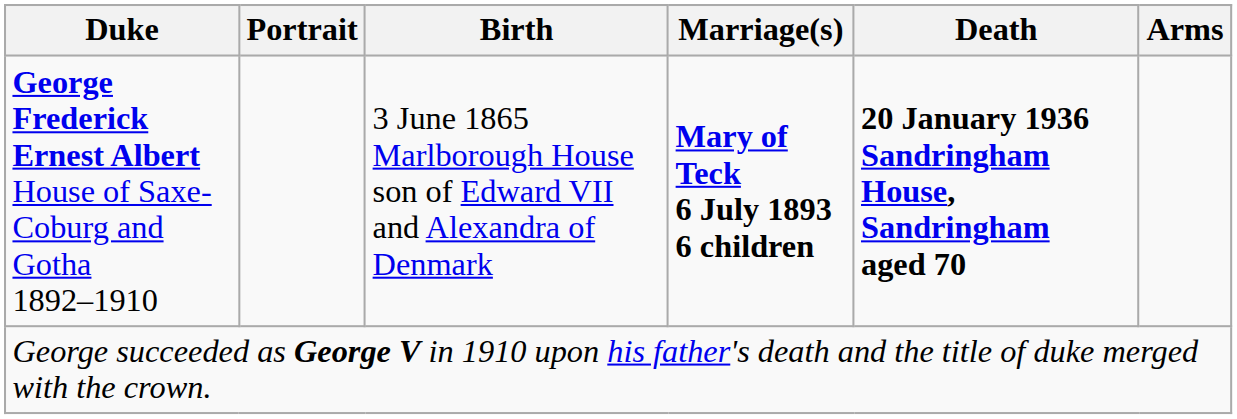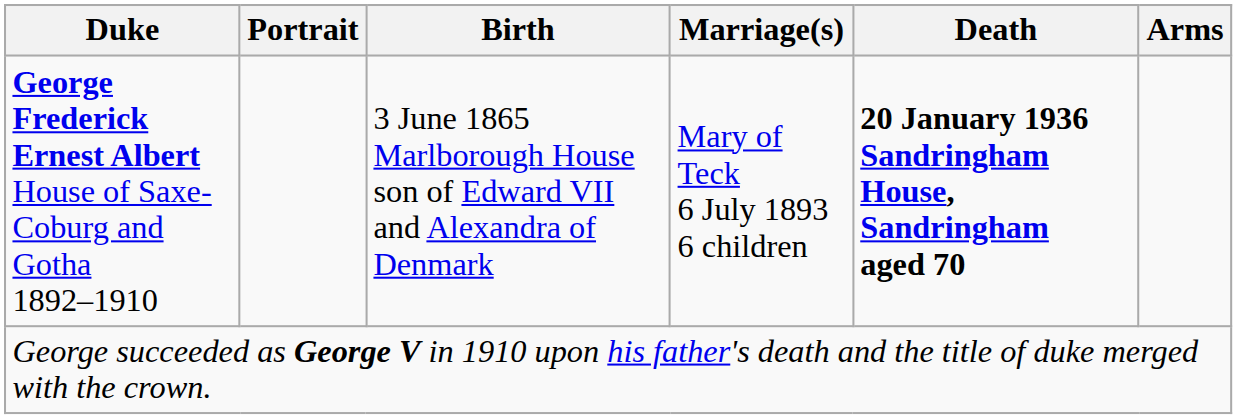 <table class="wikitable">
 <tr>
 <th>Duke</th>
 <th>Portrait</th>
 <th>Birth</th>
 <th>Marriage(s)</th>
 <th>Death</th>
 <th>Arms</th>
 </tr>
 <tr>
 <td><strong><a href='#'>George Frederick Ernest Albert</a></strong><br><a href='#'>House of Saxe-Coburg and Gotha</a><br>1892–1910<br><em></em></td>
 <td></td>
 <td>3 June 1865<br><a href='#'>Marlborough House</a><br>son of <a href='#'>Edward VII</a> and <a href='#'>Alexandra of Denmark</a></td>
-<td><strong><a href='#'>Mary of Teck</a><br>6 July 1893<br>6 children</strong></td>
+<td><a href='#'>Mary of Teck</a><br>6 July 1893<br>6 children</td>
 <td><strong>20 January 1936<br><a href='#'>Sandringham House</a>, <a href='#'>Sandringham</a><br>aged 70</strong></td>
 <td></td>
 </tr>
 <tr>
 <td colspan="6"><em>George succeeded as <strong>George V</strong> in 1910 upon <a href='#'>his father</a>'s death and the title of duke merged with the crown.</em></td>
 </tr>
 </table>
